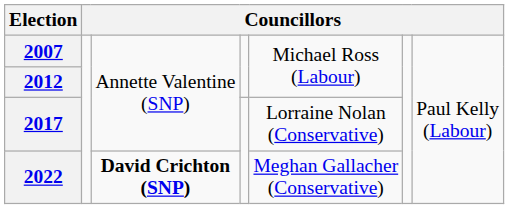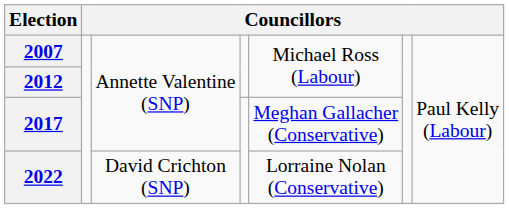 <table class="wikitable" style="text-align:center">
 <tr>
 <th>Election</th>
 <th colspan=8>Councillors</th>
 </tr>
 <tr>
 <th><a href='#'>2007</a></th>
 <td rowspan=4; style="background-color: "></td>
 <td rowspan=3>Annette Valentine<br>(<a href='#'>SNP</a>)</td>
 <td rowspan=2; style="background-color: "></td>
 <td rowspan=2>Michael Ross<br>(<a href='#'>Labour</a>)</td>
 <td rowspan=4; style="background-color: "></td>
 <td rowspan=4>Paul Kelly<br>(<a href='#'>Labour</a>)</td>
 </tr>
 <tr>
 <th><a href='#'>2012</a></th>
 </tr>
 <tr>
 <th><a href='#'>2017</a></th>
 <td rowspan=2; style="background-color: "></td>
-<td rowspan=1>Lorraine Nolan<br>(<a href='#'>Conservative</a>)</td>
+<td rowspan=1><a href='#'>Meghan Gallacher</a><br>(<a href='#'>Conservative</a>)</td>
 </tr>
 <tr>
 <th><a href='#'>2022</a></th>
-<td rowspan=1><strong>David Crichton<br>(<a href='#'>SNP</a>)</strong></td>
-<td rowspan=1><a href='#'>Meghan Gallacher</a><br>(<a href='#'>Conservative</a>)</td>
+<td rowspan=1>David Crichton<br>(<a href='#'>SNP</a>)</td>
+<td rowspan=1>Lorraine Nolan<br>(<a href='#'>Conservative</a>)</td>
 </tr>
 </table>
